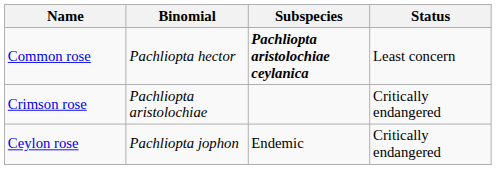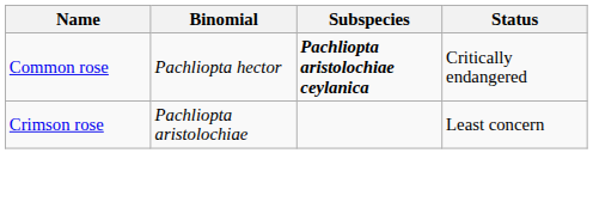 <table width=60% class="wikitable">
 <tr>
 <th width=20%>Name</th>
 <th width=20%>Binomial</th>
 <th width=20%>Subspecies</th>
 <th width=20%>Status</th>
 </tr>
 <tr>
 <td><a href='#'>Common rose</a><br> </td>
 <td><em>Pachliopta hector</em></td>
 <td><strong><em>Pachliopta aristolochiae ceylanica</em></strong></td>
-<td>Least concern</td>
+<td>Critically endangered</td>
 </tr>
 <tr>
 <td><a href='#'>Crimson rose</a><br> </td>
 <td><em>Pachliopta aristolochiae</em></td>
 <td></td>
-<td>Critically endangered</td>
-</tr>
-<tr>
-<td><a href='#'>Ceylon rose</a></td>
-<td><em>Pachliopta jophon</em></td>
-<td>Endemic</td>
-<td>Critically endangered</td>
+<td>Least concern</td>
 </tr>
 </table>
